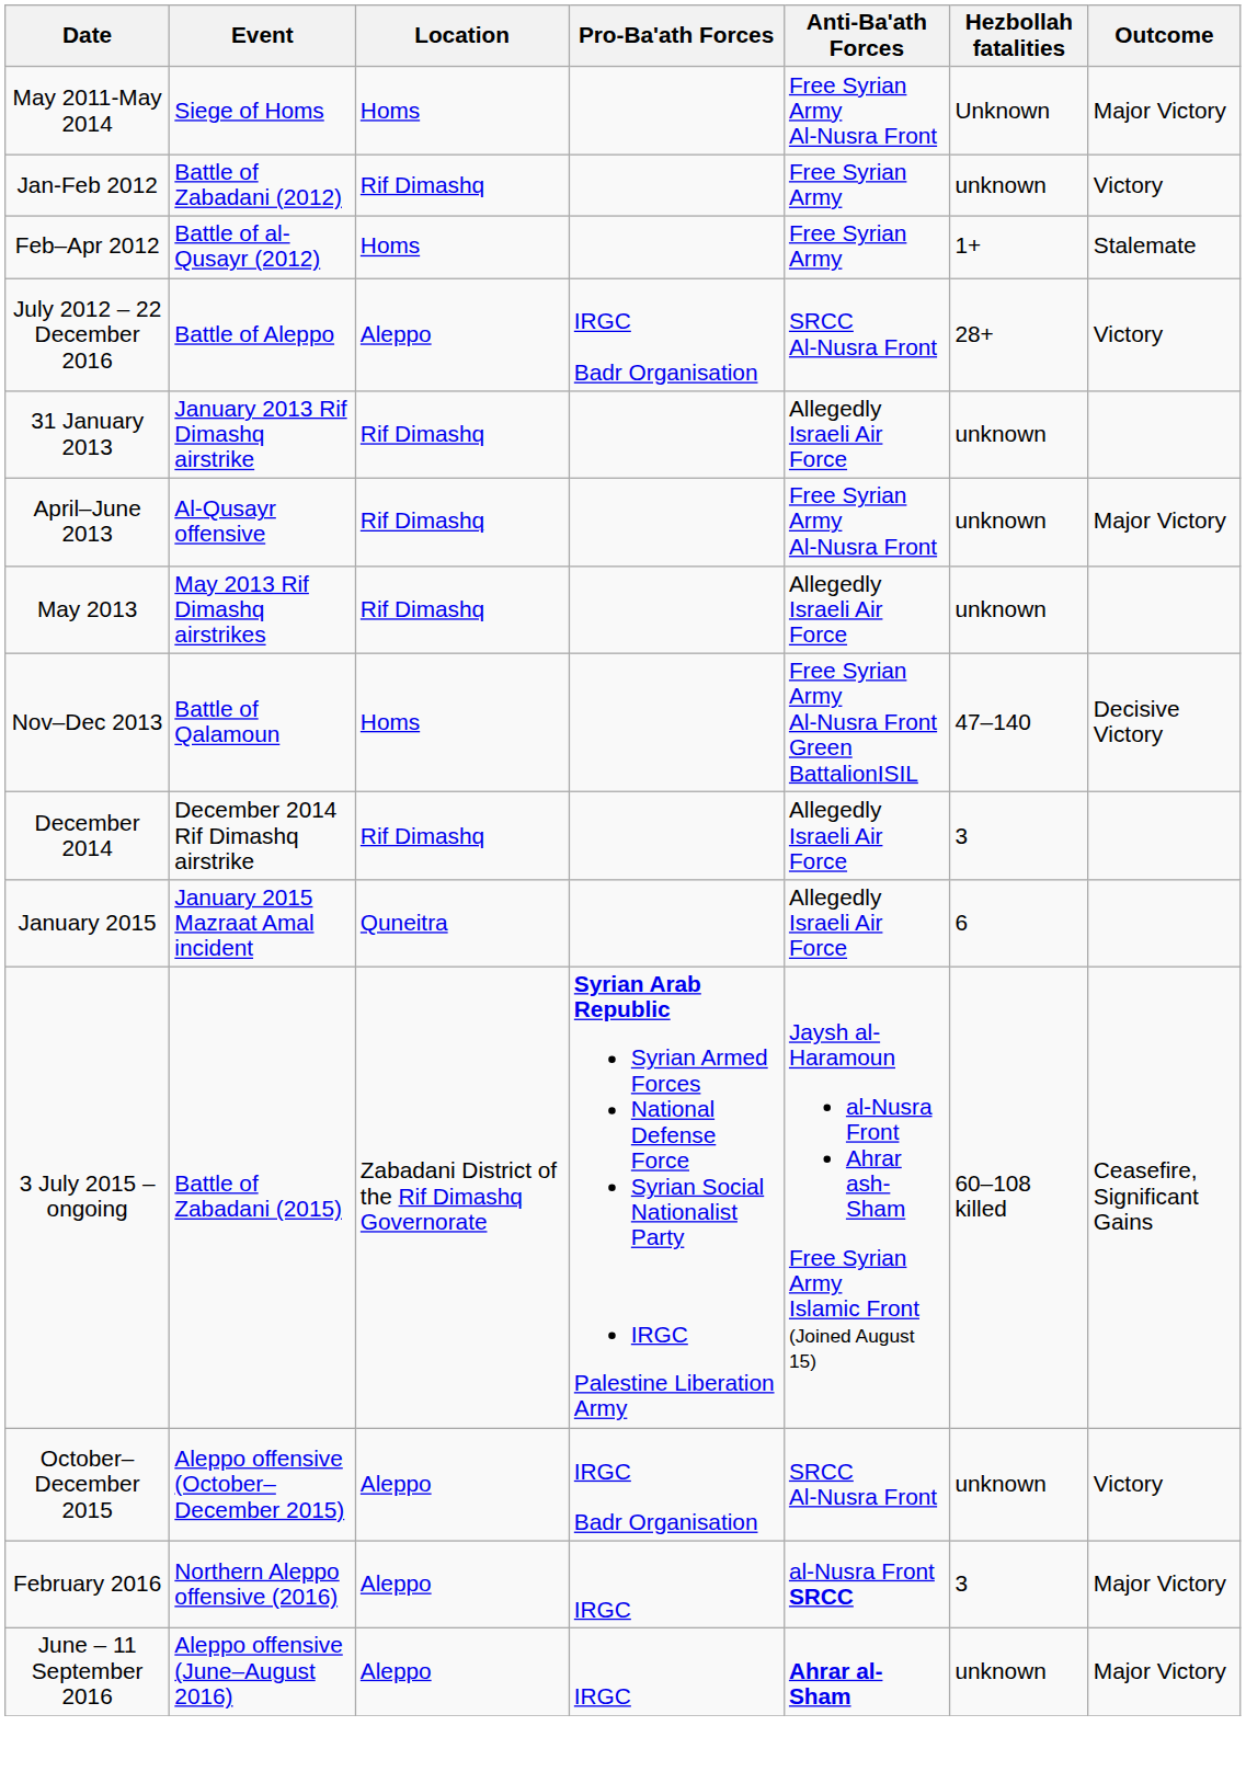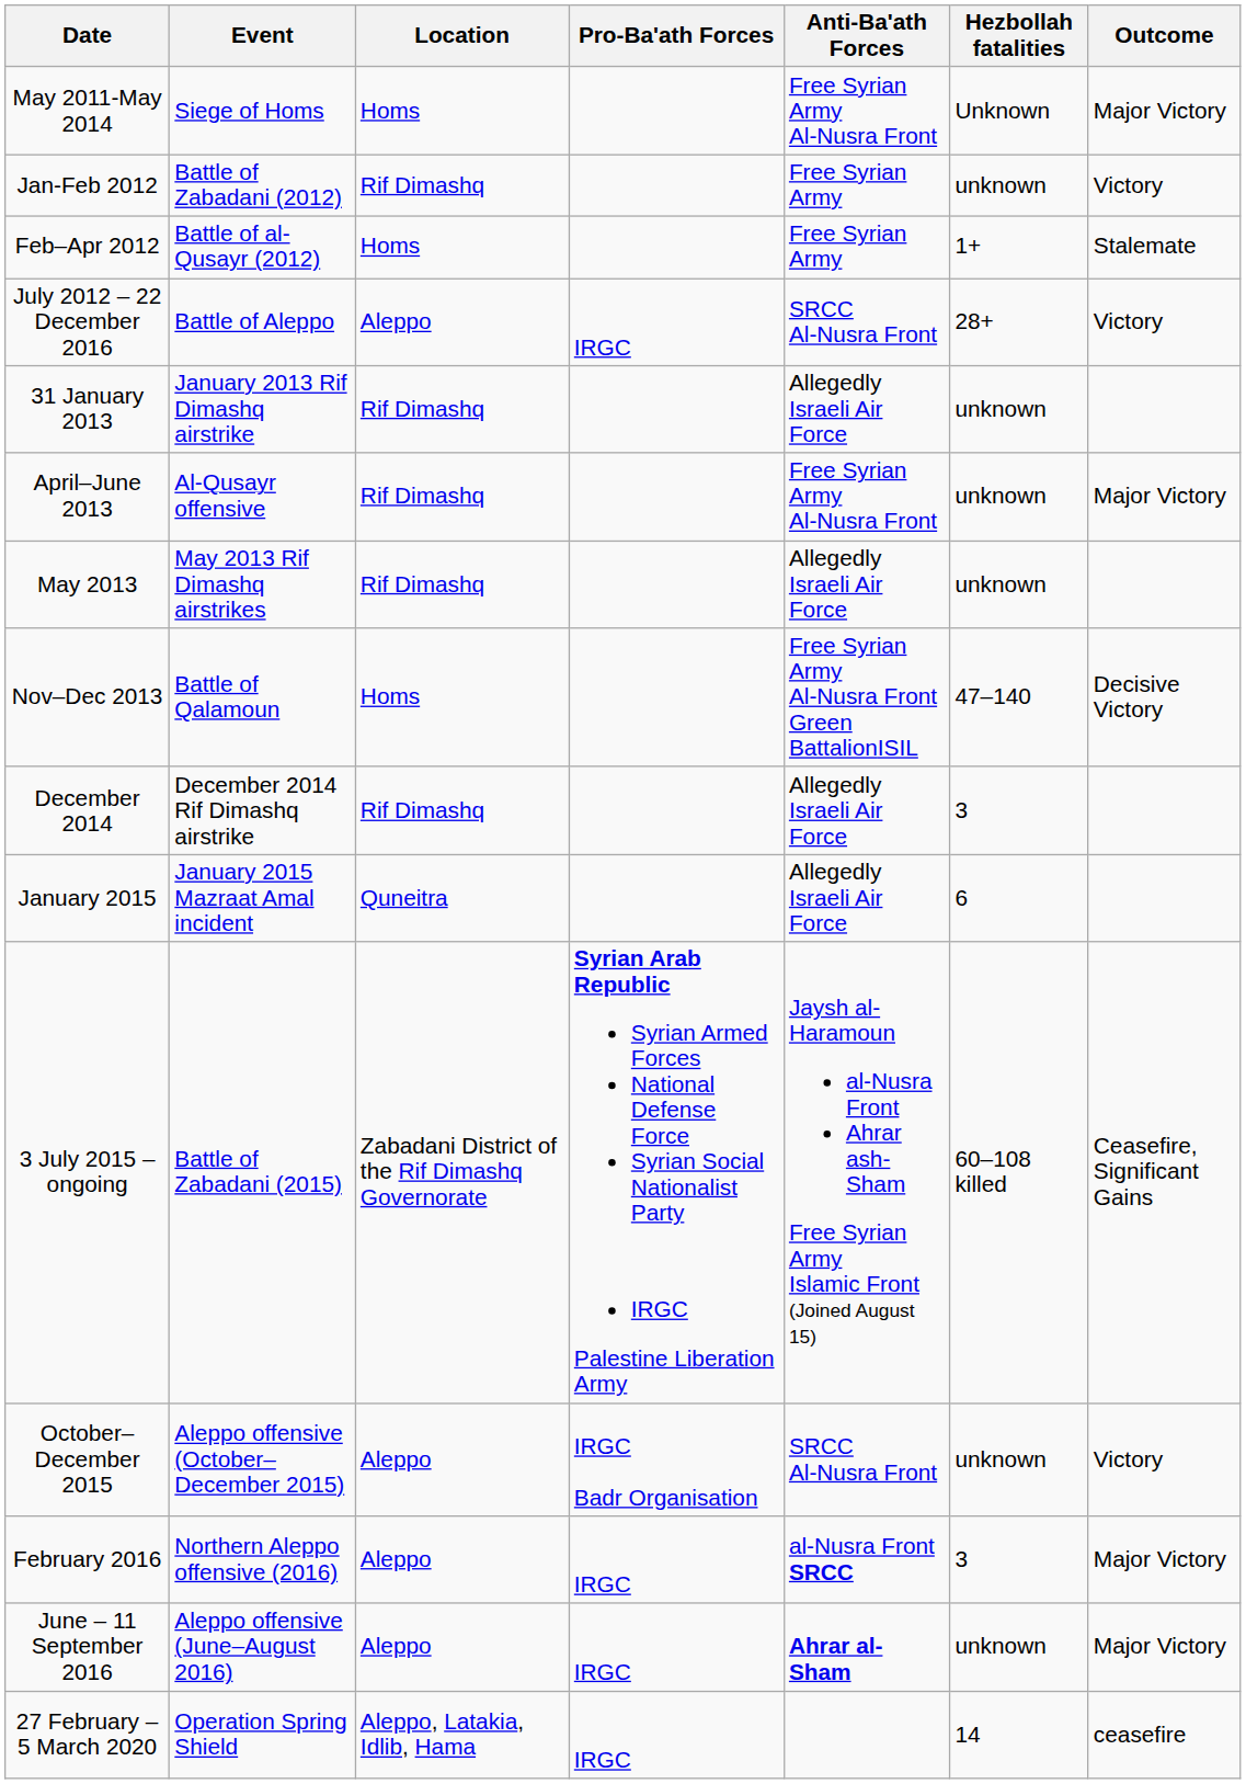 <table class="wikitable sortable">
 <tr>
 <th>Date</th>
 <th>Event</th>
 <th>Location</th>
 <th>Pro-Ba'ath Forces</th>
 <th>Anti-Ba'ath Forces</th>
 <th data-sort-type="number">Hezbollah fatalities</th>
 <th>Outcome</th>
 </tr>
 <tr>
 <td align=center>May 2011-May 2014</td>
 <td><a href='#'>Siege of Homs</a></td>
 <td><a href='#'>Homs</a></td>
 <td><br></td>
 <td><a href='#'>Free Syrian Army</a><br><a href='#'>Al-Nusra Front</a></td>
 <td>Unknown</td>
 <td>Major Victory</td>
 </tr>
 <tr>
 <td align=center>Jan-Feb 2012</td>
 <td><a href='#'>Battle of Zabadani (2012)</a></td>
 <td><a href='#'>Rif Dimashq</a></td>
 <td><br></td>
 <td><a href='#'>Free Syrian Army</a></td>
 <td> unknown</td>
 <td>Victory</td>
 </tr>
 <tr>
 <td align=center>Feb–Apr 2012</td>
 <td><a href='#'>Battle of al-Qusayr (2012)</a></td>
 <td><a href='#'>Homs</a></td>
 <td><br></td>
 <td><a href='#'>Free Syrian Army</a></td>
 <td> 1+</td>
 <td>Stalemate</td>
 </tr>
 <tr>
 <td align=center>July 2012 – 22 December 2016</td>
 <td><a href='#'>Battle of Aleppo</a></td>
 <td><a href='#'>Aleppo</a></td>
-<td><br> <a href='#'>IRGC</a><br><br> <a href='#'>Badr Organisation</a></td>
+<td><br><br> <a href='#'>IRGC</a></td>
 <td> <a href='#'>SRCC</a><br><a href='#'>Al-Nusra Front</a></td>
 <td> 28+</td>
 <td>Victory</td>
 </tr>
 <tr>
 <td align=center>31 January 2013</td>
 <td><a href='#'>January 2013 Rif Dimashq airstrike</a></td>
 <td><a href='#'>Rif Dimashq</a></td>
 <td><br></td>
 <td>Allegedly <a href='#'>Israeli Air Force</a></td>
 <td> unknown</td>
 <td></td>
 </tr>
 <tr>
 <td align=center>April–June 2013</td>
 <td><a href='#'>Al-Qusayr offensive</a></td>
 <td><a href='#'>Rif Dimashq</a></td>
 <td><br></td>
 <td><a href='#'>Free Syrian Army</a><br><a href='#'>Al-Nusra Front</a></td>
 <td> unknown</td>
 <td>Major Victory</td>
 </tr>
 <tr>
 <td align=center>May 2013</td>
 <td><a href='#'>May 2013 Rif Dimashq airstrikes</a></td>
 <td><a href='#'>Rif Dimashq</a></td>
 <td><br></td>
 <td>Allegedly <a href='#'>Israeli Air Force</a></td>
 <td> unknown</td>
 <td></td>
 </tr>
 <tr>
 <td align=center>Nov–Dec 2013</td>
 <td><a href='#'>Battle of Qalamoun</a></td>
 <td><a href='#'>Homs</a></td>
 <td><br></td>
 <td><a href='#'>Free Syrian Army</a><br><a href='#'>Al-Nusra Front</a><br><a href='#'>Green Battalion</a><a href='#'>ISIL</a></td>
 <td> 47–140</td>
 <td>Decisive Victory</td>
 </tr>
 <tr>
 <td align=center>December 2014</td>
 <td>December 2014 Rif Dimashq airstrike</td>
 <td><a href='#'>Rif Dimashq</a></td>
 <td><br></td>
 <td>Allegedly <a href='#'>Israeli Air Force</a></td>
 <td> 3</td>
 <td></td>
 </tr>
 <tr>
 <td align=center>January 2015</td>
 <td><a href='#'>January 2015 Mazraat Amal incident</a></td>
 <td><a href='#'>Quneitra</a></td>
 <td></td>
 <td>Allegedly <a href='#'>Israeli Air Force</a></td>
 <td> 6</td>
 <td></td>
 </tr>
 <tr>
 <td align=center>3 July 2015 – ongoing</td>
 <td><a href='#'>Battle of Zabadani (2015)</a></td>
 <td>Zabadani District of the <a href='#'>Rif Dimashq Governorate</a></td>
 <td> <strong><a href='#'>Syrian Arab Republic</a></strong><br><ul><li> <a href='#'>Syrian Armed Forces</a></li><li> <a href='#'>National Defense Force</a></li><li> <a href='#'>Syrian Social Nationalist Party</a></li></ul><br><ul><li> <a href='#'>IRGC</a></li></ul> <a href='#'>Palestine Liberation Army</a></td>
 <td> <a href='#'>Jaysh al-Haramoun</a><br><ul><li> <a href='#'>al-Nusra Front</a></li><li> <a href='#'>Ahrar ash-Sham</a></li></ul> <a href='#'>Free Syrian Army</a><br>  <a href='#'>Islamic Front</a><br><small>(Joined August 15)</small></td>
 <td>60–108 killed</td>
 <td>Ceasefire, Significant Gains</td>
 </tr>
 <tr>
 <td align=center>October–December 2015</td>
 <td><a href='#'>Aleppo offensive (October–December 2015)</a></td>
 <td><a href='#'>Aleppo</a></td>
 <td><br> <a href='#'>IRGC</a><br><br> <a href='#'>Badr Organisation</a></td>
 <td> <a href='#'>SRCC</a><br><a href='#'>Al-Nusra Front</a></td>
 <td>unknown</td>
 <td>Victory</td>
 </tr>
 <tr>
 <td align=center>February 2016</td>
 <td><a href='#'>Northern Aleppo offensive (2016)</a></td>
 <td><a href='#'>Aleppo</a></td>
 <td><br><br> <a href='#'>IRGC</a></td>
 <td> <a href='#'>al-Nusra Front</a><br><strong> <a href='#'>SRCC</a></strong></td>
 <td> 3</td>
 <td>Major Victory</td>
 </tr>
 <tr>
 <td align=center>June – 11 September 2016</td>
 <td><a href='#'>Aleppo offensive (June–August 2016)</a></td>
 <td><a href='#'>Aleppo</a></td>
 <td><br><br> <a href='#'>IRGC</a></td>
 <td><br><strong> <a href='#'>Ahrar al-Sham</a></strong></td>
 <td>unknown</td>
 <td>Major Victory</td>
 </tr>
+<tr>
+<td align=center>27 February – 5 March 2020</td>
+<td><a href='#'>Operation Spring Shield</a></td>
+<td><a href='#'>Aleppo</a>, <a href='#'>Latakia</a>, <a href='#'>Idlib</a>, <a href='#'>Hama</a></td>
+<td><br><br> <a href='#'>IRGC</a></td>
+<td></td>
+<td>14</td>
+<td>ceasefire</td>
+</tr>
 </table>
